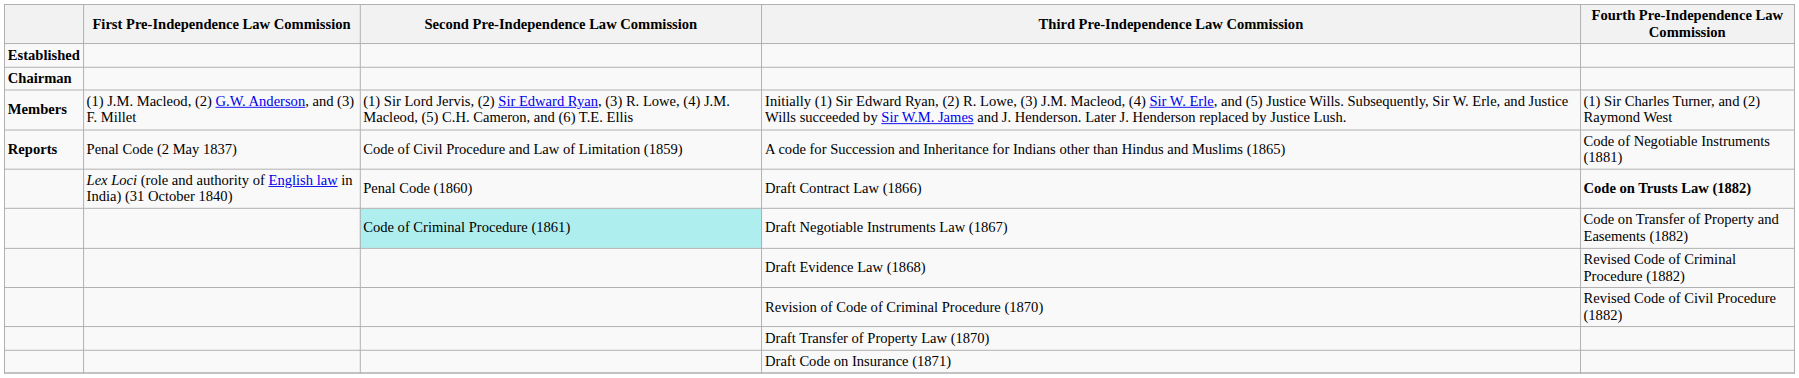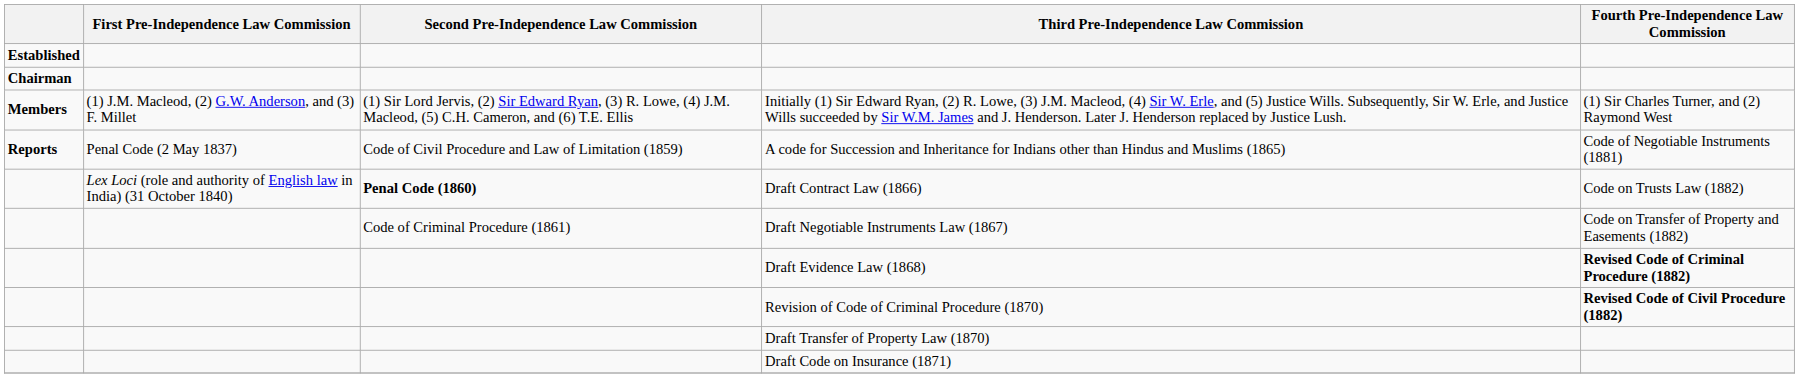 <table class="wikitable">
 <tr>
 <th></th>
 <th>First Pre-Independence Law Commission</th>
 <th>Second Pre-Independence Law Commission</th>
 <th>Third Pre-Independence Law Commission</th>
 <th>Fourth Pre-Independence Law Commission</th>
 </tr>
 <tr>
 <td><strong>Established</strong></td>
 <td></td>
 <td></td>
 <td></td>
 <td></td>
 </tr>
 <tr>
 <td><strong>Chairman</strong></td>
 <td></td>
 <td></td>
 <td></td>
 <td></td>
 </tr>
 <tr>
 <td><strong>Members</strong></td>
 <td>(1) J.M. Macleod, (2) <a href='#'>G.W. Anderson</a>, and (3) F. Millet</td>
 <td>(1) Sir Lord Jervis, (2) <a href='#'>Sir Edward Ryan</a>, (3) R. Lowe, (4) J.M. Macleod, (5) C.H. Cameron, and (6) T.E. Ellis</td>
 <td>Initially (1) Sir Edward Ryan, (2) R. Lowe, (3) J.M. Macleod, (4) <a href='#'>Sir W. Erle</a>, and (5) Justice Wills. Subsequently, Sir W. Erle, and Justice Wills succeeded by <a href='#'>Sir W.M. James</a> and J. Henderson. Later J. Henderson replaced by Justice Lush.</td>
 <td>(1) Sir Charles Turner, and (2) Raymond West</td>
 </tr>
 <tr>
 <td><strong>Reports</strong></td>
 <td>Penal Code (2 May 1837)</td>
 <td>Code of Civil Procedure and Law of Limitation (1859)</td>
 <td>A code for Succession and Inheritance for Indians other than Hindus and Muslims (1865)</td>
 <td>Code of Negotiable Instruments (1881)</td>
 </tr>
 <tr>
 <td></td>
 <td><em>Lex Loci</em> (role and authority of <a href='#'>English law</a> in India) (31 October 1840)</td>
-<td>Penal Code (1860)</td>
+<td><strong>Penal Code (1860)</strong></td>
 <td>Draft Contract Law (1866)</td>
-<td><strong>Code on Trusts Law (1882)</strong></td>
+<td>Code on Trusts Law (1882)</td>
 </tr>
 <tr>
 <td></td>
 <td></td>
-<td style="background: paleturquoise;">Code of Criminal Procedure (1861)</td>
+<td>Code of Criminal Procedure (1861)</td>
 <td>Draft Negotiable Instruments Law (1867)</td>
 <td>Code on Transfer of Property and Easements (1882)</td>
 </tr>
 <tr>
 <td></td>
 <td></td>
 <td></td>
 <td>Draft Evidence Law (1868)</td>
-<td>Revised Code of Criminal Procedure (1882)</td>
+<td><strong>Revised Code of Criminal Procedure (1882)</strong></td>
 </tr>
 <tr>
 <td></td>
 <td></td>
 <td></td>
 <td>Revision of Code of Criminal Procedure (1870)</td>
-<td>Revised Code of Civil Procedure (1882)</td>
+<td><strong>Revised Code of Civil Procedure (1882)</strong></td>
 </tr>
 <tr>
 <td></td>
 <td></td>
 <td></td>
 <td>Draft Transfer of Property Law (1870)</td>
 <td></td>
 </tr>
 <tr>
 <td></td>
 <td></td>
 <td></td>
 <td>Draft Code on Insurance (1871)</td>
 <td></td>
 </tr>
 <tr>
 </tr>
 </table>
